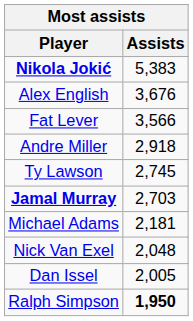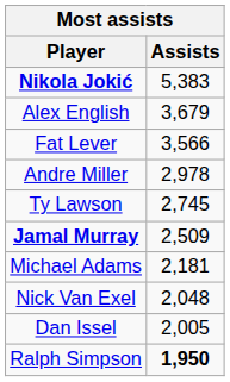 <table class="wikitable sortable" style="text-align:center">
 <tr>
 <th colspan="2" style="text-align:center; ">Most assists</th>
 </tr>
 <tr>
 <th style="text-align:center; ">Player</th>
 <th style="text-align:center; ">Assists</th>
 </tr>
 <tr>
 <td><strong><a href='#'>Nikola Jokić</a></strong></td>
 <td>5,383</td>
 </tr>
 <tr>
 <td><a href='#'>Alex English</a></td>
-<td>3,676</td>
+<td>3,679</td>
 </tr>
 <tr>
 <td><a href='#'>Fat Lever</a></td>
 <td>3,566</td>
 </tr>
 <tr>
 <td><a href='#'>Andre Miller</a></td>
-<td>2,918</td>
+<td>2,978</td>
 </tr>
 <tr>
 <td><a href='#'>Ty Lawson</a></td>
 <td>2,745</td>
 </tr>
 <tr>
 <td><strong><a href='#'>Jamal Murray</a></strong></td>
-<td>2,703</td>
+<td>2,509</td>
 </tr>
 <tr>
 <td><a href='#'>Michael Adams</a></td>
 <td>2,181</td>
 </tr>
 <tr>
 <td><a href='#'>Nick Van Exel</a></td>
 <td>2,048</td>
 </tr>
 <tr>
 <td><a href='#'>Dan Issel</a></td>
 <td>2,005</td>
 </tr>
 <tr>
 <td><a href='#'>Ralph Simpson</a></td>
 <td><strong>1,950</strong></td>
 </tr>
 </table>
